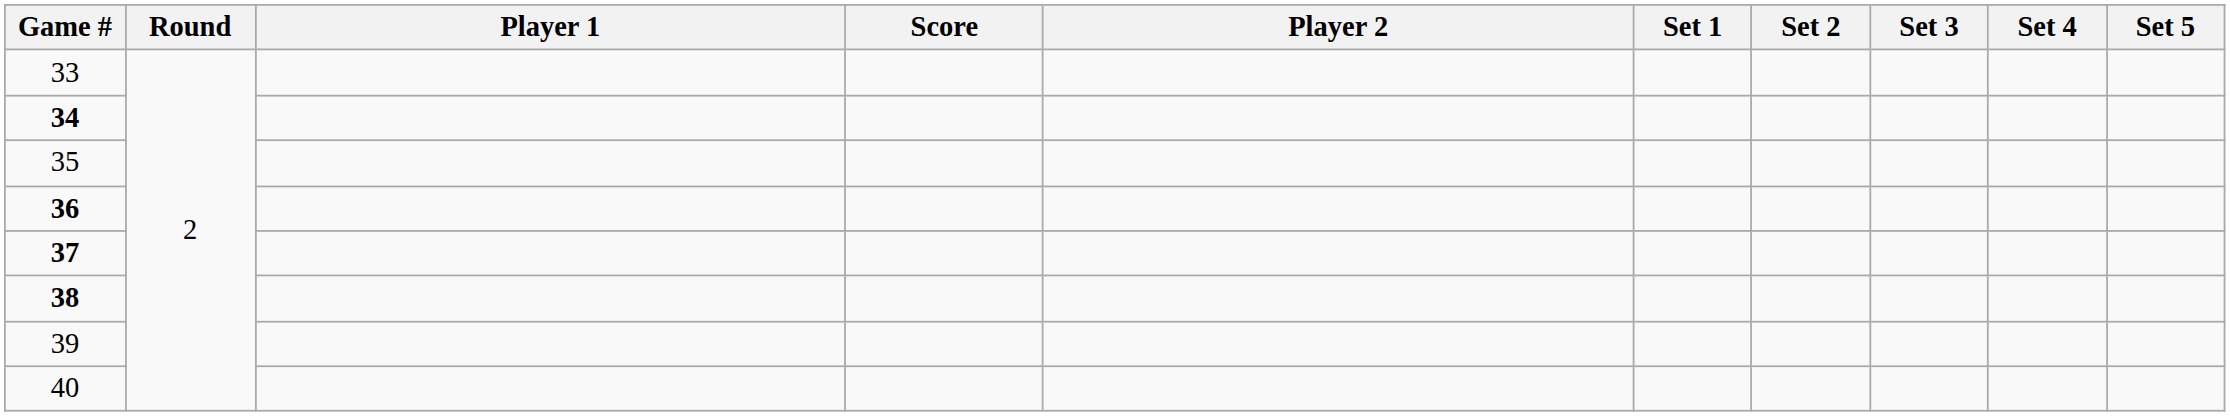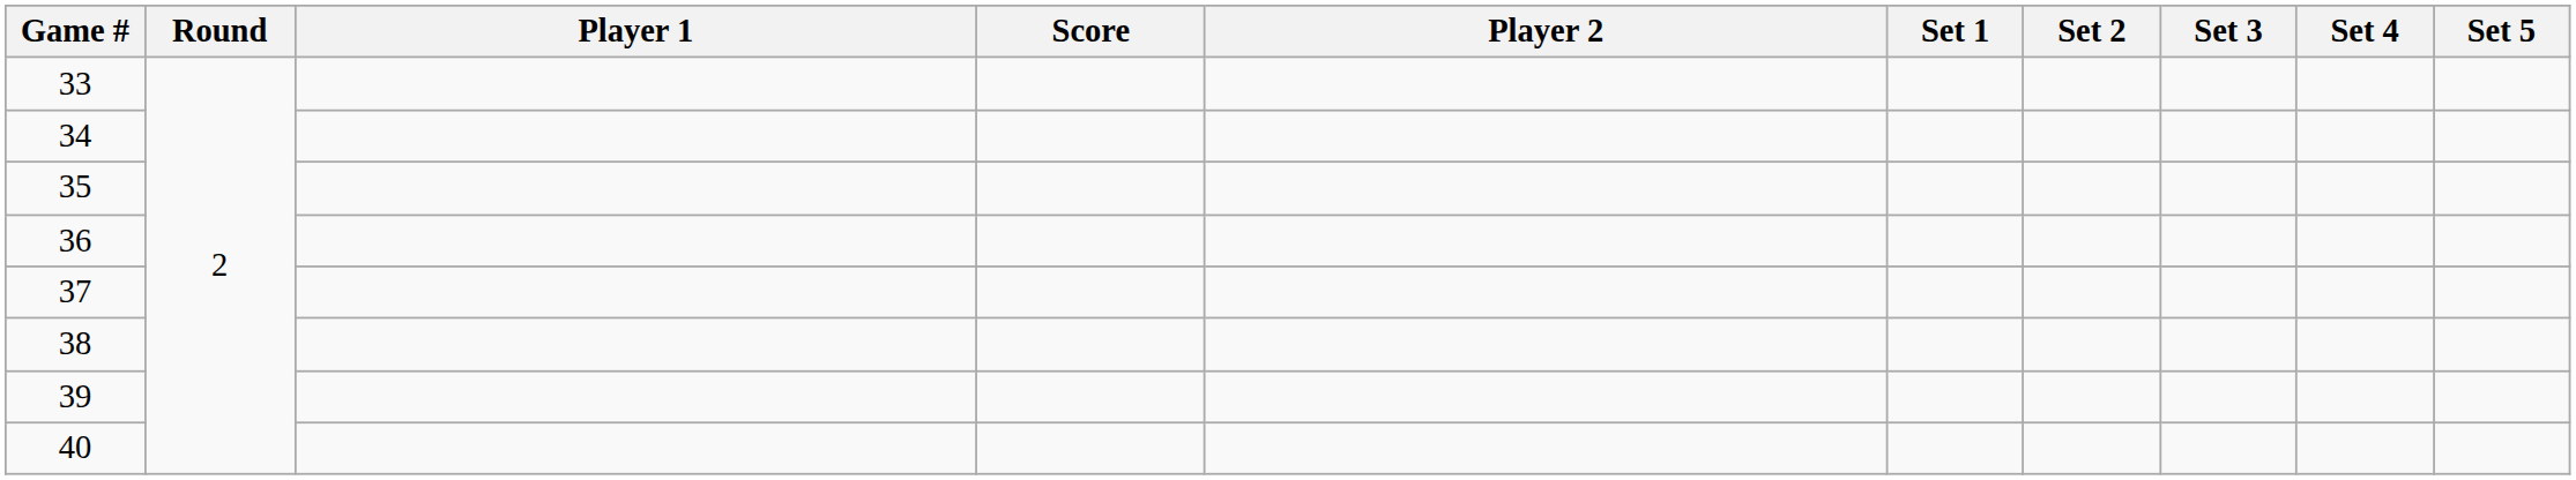 <table class="wikitable">
 <tr>
 <th width="2%">Game #</th>
 <th width="2%">Round</th>
 <th width="15%">Player 1</th>
 <th width="5%">Score</th>
 <th width="15%">Player 2</th>
 <th width="3%">Set 1</th>
 <th width="3%">Set 2</th>
 <th width="3%">Set 3</th>
 <th width="3%">Set 4</th>
 <th width="3%">Set 5</th>
 </tr>
 <tr style=text-align:center;>
 <td>33</td>
 <td rowspan=8>2</td>
 <td></td>
 <td></td>
 <td></td>
 <td></td>
 <td></td>
 <td></td>
 <td></td>
 <td></td>
 </tr>
 <tr style=text-align:center;>
-<td><strong>34</strong></td>
+<td>34</td>
 <td></td>
 <td></td>
 <td></td>
 <td></td>
 <td></td>
 <td></td>
 <td></td>
 <td></td>
 </tr>
 <tr style=text-align:center;>
 <td>35</td>
 <td></td>
 <td></td>
 <td></td>
 <td></td>
 <td></td>
 <td></td>
 <td></td>
 <td></td>
 </tr>
 <tr style=text-align:center;>
-<td><strong>36</strong></td>
+<td>36</td>
 <td></td>
 <td></td>
 <td></td>
 <td></td>
 <td></td>
 <td></td>
 <td></td>
 <td></td>
 </tr>
 <tr style=text-align:center;>
-<td><strong>37</strong></td>
+<td>37</td>
 <td></td>
 <td></td>
 <td></td>
 <td></td>
 <td></td>
 <td></td>
 <td></td>
 <td></td>
 </tr>
 <tr style=text-align:center;>
-<td><strong>38</strong></td>
+<td>38</td>
 <td></td>
 <td></td>
 <td></td>
 <td></td>
 <td></td>
 <td></td>
 <td></td>
 <td></td>
 </tr>
 <tr style=text-align:center;>
 <td>39</td>
 <td></td>
 <td></td>
 <td></td>
 <td></td>
 <td></td>
 <td></td>
 <td></td>
 <td></td>
 </tr>
 <tr style=text-align:center;>
 <td>40</td>
 <td></td>
 <td></td>
 <td></td>
 <td></td>
 <td></td>
 <td></td>
 <td></td>
 <td></td>
 </tr>
 </table>
